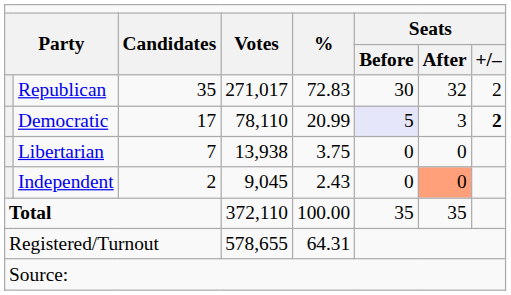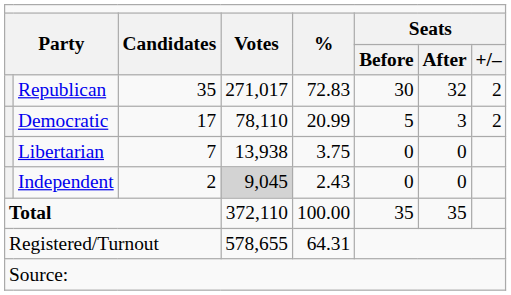 <table class="wikitable">
 <tr>
 <td colspan=13 align=center></td>
 </tr>
 <tr>
 <th rowspan="2" colspan="2">Party</th>
 <th rowspan="2">Candidates</th>
 <th rowspan="2">Votes</th>
 <th rowspan="2">%</th>
 <th colspan="5">Seats</th>
 </tr>
 <tr>
 <th>Before</th>
 <th>After</th>
 <th>+/–</th>
 </tr>
 <tr>
 <th style="background-color:"></th>
 <td><a href='#'>Republican</a></td>
 <td align="right">35</td>
 <td align="right">271,017</td>
 <td align="right">72.83</td>
 <td align="right">30</td>
 <td align="right">32</td>
 <td align="right"> 2</td>
 </tr>
 <tr>
 <th style="background-color:"></th>
 <td><a href='#'>Democratic</a></td>
 <td align="right">17</td>
 <td align="right">78,110</td>
 <td align="right">20.99</td>
-<td align="right" style="background: lavender;">5</td>
+<td align="right">5</td>
 <td align="right">3</td>
-<td align="right"><strong> 2</strong></td>
+<td align="right"> 2</td>
 </tr>
 <tr>
 <th style="background-color:"></th>
 <td><a href='#'>Libertarian</a></td>
 <td align="right">7</td>
 <td align="right">13,938</td>
 <td align="right">3.75</td>
 <td align="right">0</td>
 <td align="right">0</td>
 <td align="right"></td>
 </tr>
 <tr>
 <th style="background-color:"></th>
 <td><a href='#'>Independent</a></td>
 <td align="right">2</td>
-<td align="right">9,045</td>
+<td align="right" style="background: lightgrey;">9,045</td>
 <td align="right">2.43</td>
 <td align="right">0</td>
-<td align="right" style="background: lightsalmon;">0</td>
+<td align="right">0</td>
 <td align="right"></td>
 </tr>
 <tr>
 <td colspan="3" align="left"><strong>Total</strong></td>
 <td align="right">372,110</td>
 <td align="right">100.00</td>
 <td align="right">35</td>
 <td align="right">35</td>
 <td align="right"></td>
 </tr>
 <tr>
 <td colspan="3" align="left">Registered/Turnout</td>
 <td align="right">578,655</td>
 <td align="right">64.31</td>
 <td colspan="3" align="right"></td>
 </tr>
 <tr>
 <td colspan="10">Source: </td>
 </tr>
 </table>
